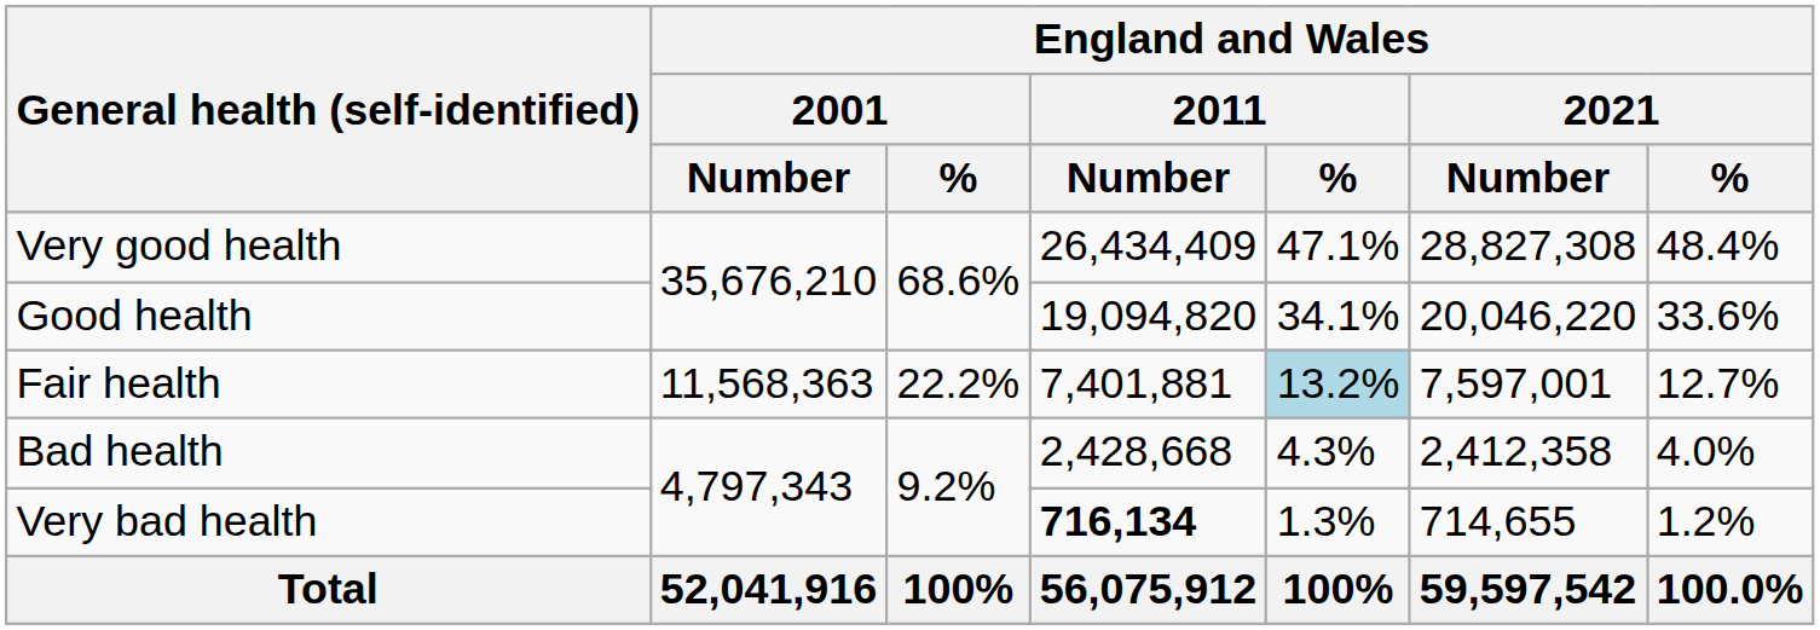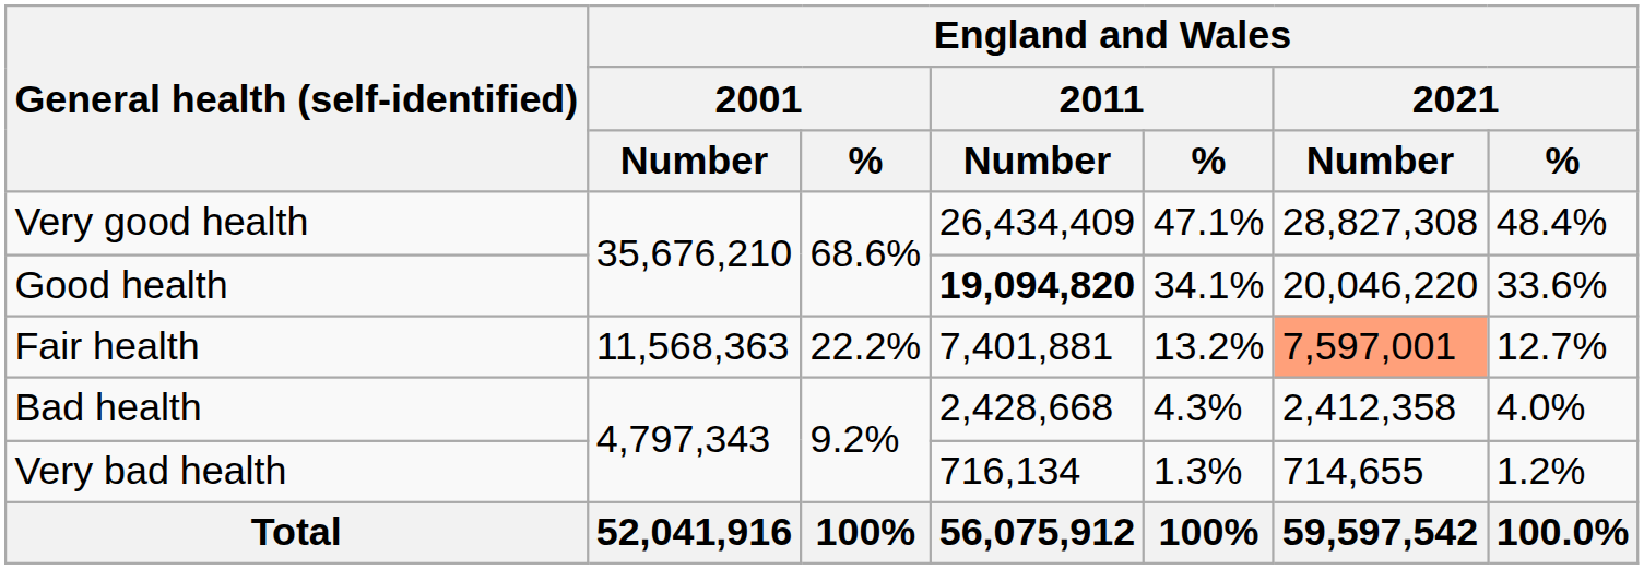 <table class="wikitable mw-collapsible">
 <tr>
 <th rowspan="3">General health (self-identified)</th>
 <th colspan="6">England and Wales</th>
 </tr>
 <tr>
 <th colspan="2">2001</th>
 <th colspan="2">2011</th>
 <th colspan="2">2021</th>
 </tr>
 <tr>
 <th>Number</th>
 <th>%</th>
 <th>Number</th>
 <th>%</th>
 <th>Number</th>
 <th>%</th>
 </tr>
 <tr>
 <td>Very good health</td>
 <td rowspan="2">35,676,210</td>
 <td rowspan="2">68.6%</td>
 <td>26,434,409</td>
 <td>47.1%</td>
 <td>28,827,308</td>
 <td>48.4%</td>
 </tr>
 <tr>
 <td>Good health</td>
-<td>19,094,820</td>
+<td><strong>19,094,820</strong></td>
 <td>34.1%</td>
 <td>20,046,220</td>
 <td>33.6%</td>
 </tr>
 <tr>
 <td>Fair health</td>
 <td>11,568,363</td>
 <td>22.2%</td>
 <td>7,401,881</td>
-<td style="background: lightblue;">13.2%</td>
-<td>7,597,001</td>
+<td>13.2%</td>
+<td style="background: lightsalmon;">7,597,001</td>
 <td>12.7%</td>
 </tr>
 <tr>
 <td>Bad health</td>
 <td rowspan="2">4,797,343</td>
 <td rowspan="2">9.2%</td>
 <td>2,428,668</td>
 <td>4.3%</td>
 <td>2,412,358</td>
 <td>4.0%</td>
 </tr>
 <tr>
 <td>Very bad health</td>
-<td><strong>716,134</strong></td>
+<td>716,134</td>
 <td>1.3%</td>
 <td>714,655</td>
 <td>1.2%</td>
 </tr>
 <tr>
 <th>Total</th>
 <th>52,041,916</th>
 <th>100%</th>
 <th>56,075,912</th>
 <th>100%</th>
 <th>59,597,542</th>
 <th>100.0%</th>
 </tr>
 </table>
